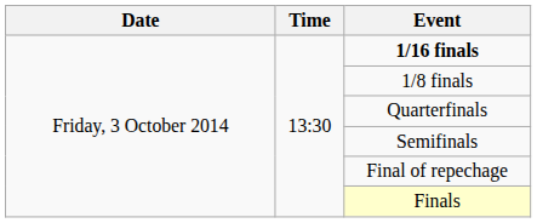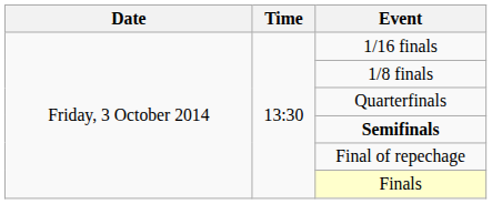 <table class = "wikitable" style="text-align:center;">
 <tr>
 <th width=220>Date</th>
 <th width=50>Time</th>
 <th width=150>Event</th>
 </tr>
 <tr>
 <td rowspan=6>Friday, 3 October 2014</td>
 <td rowspan=6>13:30</td>
-<td><strong>1/16 finals</strong></td>
+<td>1/16 finals</td>
 </tr>
 <tr>
 <td>1/8 finals</td>
 </tr>
 <tr>
 <td>Quarterfinals</td>
 </tr>
 <tr>
-<td>Semifinals</td>
+<td><strong>Semifinals</strong></td>
 </tr>
 <tr>
 <td>Final of repechage</td>
 </tr>
 <tr>
 <td bgcolor=ffffcc>Finals</td>
 </tr>
 </table>
